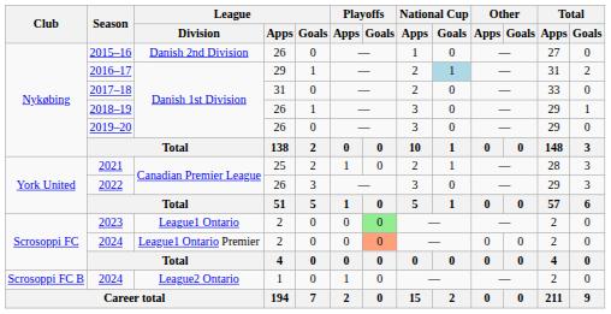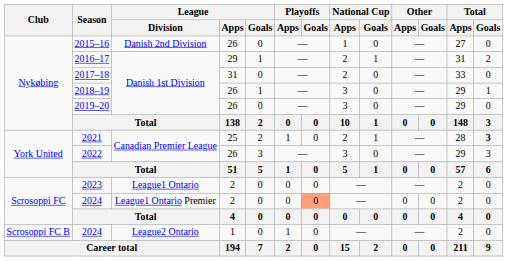 <table class="wikitable" style="text-align:center">
 <tr>
 <th rowspan="2">Club</th>
 <th rowspan="2">Season</th>
 <th colspan="3">League</th>
 <th colspan="2">Playoffs</th>
 <th colspan="2">National Cup</th>
 <th colspan="2">Other</th>
 <th colspan="2">Total</th>
 </tr>
 <tr>
 <th>Division</th>
 <th>Apps</th>
 <th>Goals</th>
 <th>Apps</th>
 <th>Goals</th>
 <th>Apps</th>
 <th>Goals</th>
 <th>Apps</th>
 <th>Goals</th>
 <th>Apps</th>
 <th>Goals</th>
 </tr>
 <tr>
 <td rowspan="6"><a href='#'>Nykøbing</a></td>
 <td><a href='#'>2015–16</a></td>
 <td><a href='#'>Danish 2nd Division</a></td>
 <td>26</td>
 <td>0</td>
 <td colspan="2">—</td>
 <td>1</td>
 <td>0</td>
 <td colspan="2">—</td>
 <td>27</td>
 <td>0</td>
 </tr>
 <tr>
 <td><a href='#'>2016–17</a></td>
 <td rowspan=4><a href='#'>Danish 1st Division</a></td>
 <td>29</td>
 <td>1</td>
 <td colspan="2">—</td>
 <td>2</td>
-<td style="background: lightblue;">1</td>
+<td>1</td>
 <td colspan="2">—</td>
 <td>31</td>
 <td>2</td>
 </tr>
 <tr>
 <td><a href='#'>2017–18</a></td>
 <td>31</td>
 <td>0</td>
 <td colspan="2">—</td>
 <td>2</td>
 <td>0</td>
 <td colspan="2">—</td>
 <td>33</td>
 <td>0</td>
 </tr>
 <tr>
 <td><a href='#'>2018–19</a></td>
 <td>26</td>
 <td>1</td>
 <td colspan="2">—</td>
 <td>3</td>
 <td>0</td>
 <td colspan="2">—</td>
 <td>29</td>
 <td>1</td>
 </tr>
 <tr>
 <td><a href='#'>2019–20</a></td>
 <td>26</td>
 <td>0</td>
 <td colspan="2">—</td>
 <td>3</td>
 <td>0</td>
 <td colspan="2">—</td>
 <td>29</td>
 <td>0</td>
 </tr>
 <tr>
 <th colspan="2">Total</th>
 <th>138</th>
 <th>2</th>
 <th>0</th>
 <th>0</th>
 <th>10</th>
 <th>1</th>
 <th>0</th>
 <th>0</th>
 <th>148</th>
 <th>3</th>
 </tr>
 <tr>
 <td rowspan="3"><a href='#'>York United</a></td>
 <td><a href='#'>2021</a></td>
 <td rowspan=2><a href='#'>Canadian Premier League</a></td>
 <td>25</td>
 <td>2</td>
 <td>1</td>
 <td>0</td>
 <td>2</td>
 <td>1</td>
 <td colspan="2">—</td>
 <td>28</td>
-<td>3</td>
+<td><strong>3</strong></td>
 </tr>
 <tr>
 <td><a href='#'>2022</a></td>
 <td>26</td>
 <td>3</td>
 <td colspan="2">—</td>
 <td>3</td>
 <td>0</td>
 <td colspan="2">—</td>
 <td>29</td>
 <td>3</td>
 </tr>
 <tr>
 <th colspan="2">Total</th>
 <th>51</th>
 <th>5</th>
 <th>1</th>
 <th>0</th>
 <th>5</th>
 <th>1</th>
 <th>0</th>
 <th>0</th>
 <th>57</th>
 <th>6</th>
 </tr>
 <tr>
 <td rowspan=3><a href='#'>Scrosoppi FC</a></td>
 <td><a href='#'>2023</a></td>
 <td><a href='#'>League1 Ontario</a></td>
 <td>2</td>
 <td>0</td>
 <td>0</td>
-<td style="background: lightgreen;">0</td>
+<td>0</td>
 <td colspan="2">—</td>
 <td colspan="2">—</td>
 <td>2</td>
 <td>0</td>
 </tr>
 <tr>
 <td><a href='#'>2024</a></td>
 <td><a href='#'>League1 Ontario</a> Premier</td>
 <td>2</td>
 <td>0</td>
 <td>0</td>
 <td style="background: lightsalmon;">0</td>
 <td colspan="2">—</td>
 <td>0</td>
 <td>0</td>
 <td>2</td>
 <td>0</td>
 </tr>
 <tr>
 <th colspan="2">Total</th>
 <th>4</th>
 <th>0</th>
 <th>0</th>
 <th>0</th>
 <th>0</th>
 <th>0</th>
 <th>0</th>
 <th>0</th>
 <th>4</th>
 <th>0</th>
 </tr>
 <tr>
 <td><a href='#'>Scrosoppi FC B</a></td>
 <td><a href='#'>2024</a></td>
 <td><a href='#'>League2 Ontario</a></td>
 <td>1</td>
 <td>0</td>
 <td>1</td>
 <td>0</td>
 <td colspan="2">—</td>
 <td colspan="2">—</td>
 <td>2</td>
 <td>0</td>
 </tr>
 <tr>
 <th colspan="3">Career total</th>
 <th>194</th>
 <th>7</th>
 <th>2</th>
 <th>0</th>
 <th>15</th>
 <th>2</th>
 <th>0</th>
 <th>0</th>
 <th>211</th>
 <th>9</th>
 </tr>
 </table>
